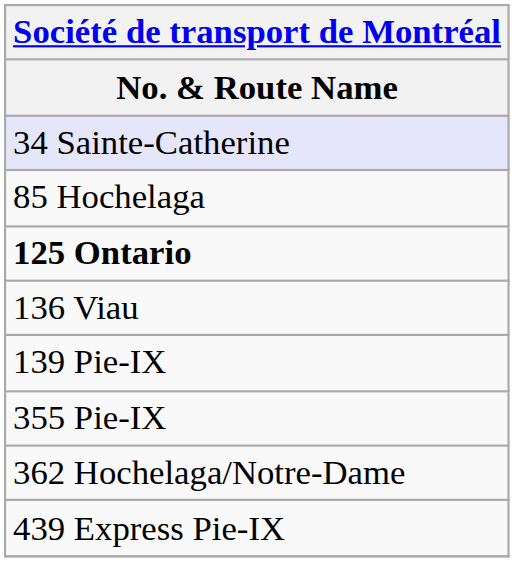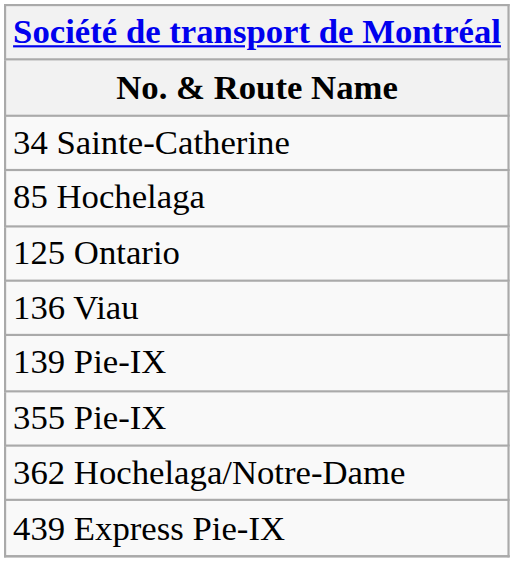 <table class="wikitable sortable mw-collapsible autocollapse">
 <tr>
 <th style="background: #"><a href='#'><span>Société de transport de Montréal</span></a></th>
 </tr>
 <tr>
 <th>No. & Route Name</th>
 </tr>
 <tr>
-<td style="background: lavender;"> 34 Sainte-Catherine</td>
+<td> 34 Sainte-Catherine</td>
 </tr>
 <tr>
 <td> 85 Hochelaga</td>
 </tr>
 <tr>
-<td><strong> 125 Ontario</strong></td>
+<td> 125 Ontario</td>
 </tr>
 <tr>
 <td> 136 Viau</td>
 </tr>
 <tr>
 <td> 139 Pie-IX</td>
 </tr>
 <tr>
 <td> 355 Pie-IX</td>
 </tr>
 <tr>
 <td> 362 Hochelaga/Notre-Dame</td>
 </tr>
 <tr>
 <td> 439 Express Pie-IX</td>
 </tr>
 <tr>
 </tr>
 </table>
